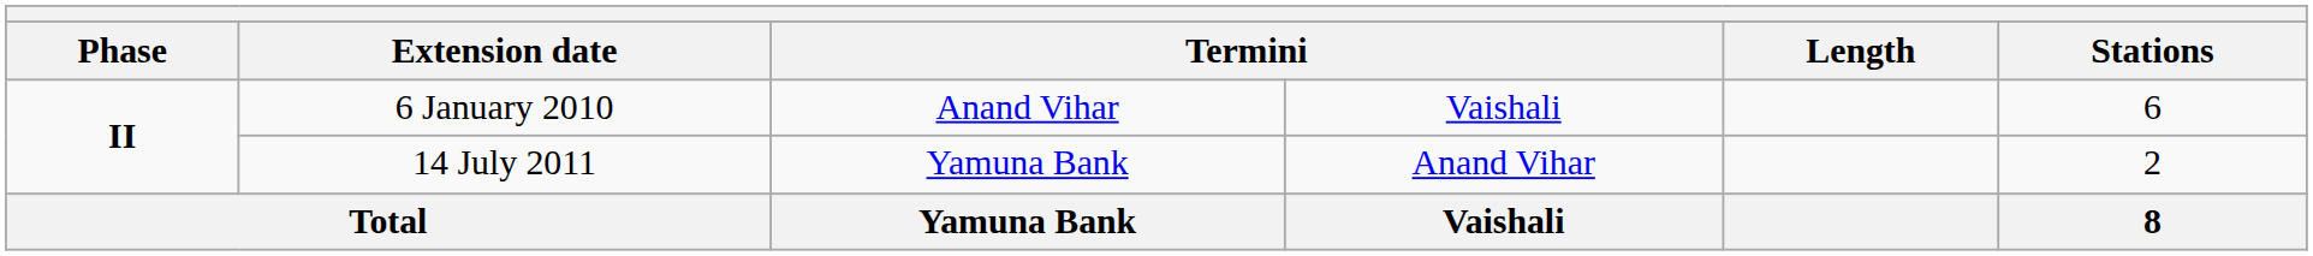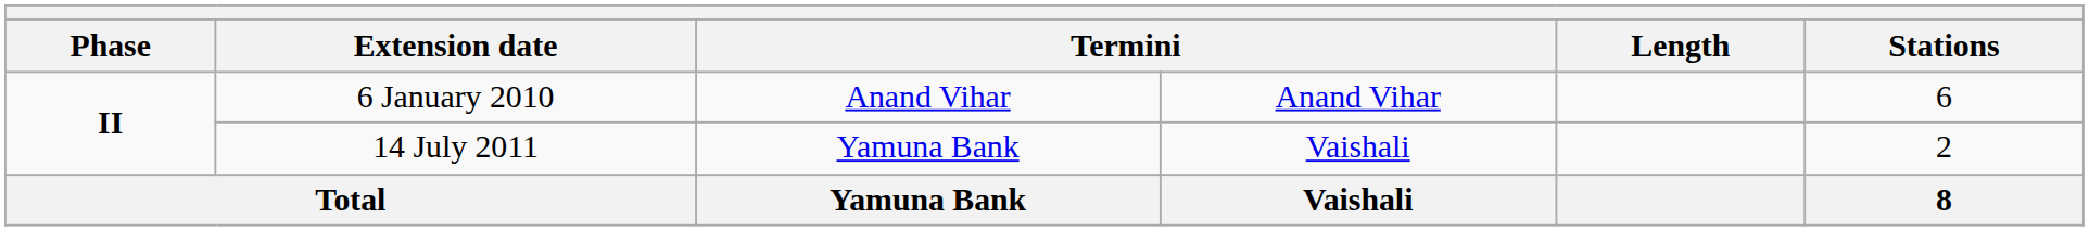 <table class="wikitable" style="text-align: center;" width="65%">
 <tr>
 <th colspan="6" ! style="background:#"></th>
 </tr>
 <tr>
 <th>Phase</th>
 <th>Extension date</th>
 <th colspan="2">Termini</th>
 <th>Length</th>
 <th>Stations</th>
 </tr>
 <tr>
 <td rowspan="2"><strong>II</strong></td>
 <td>6 January 2010</td>
 <td><a href='#'>Anand Vihar</a></td>
-<td><a href='#'>Vaishali</a></td>
+<td><a href='#'>Anand Vihar</a></td>
 <td></td>
 <td>6</td>
 </tr>
 <tr>
 <td>14 July 2011</td>
 <td><a href='#'>Yamuna Bank</a></td>
-<td><a href='#'>Anand Vihar</a></td>
+<td><a href='#'>Vaishali</a></td>
 <td></td>
 <td>2</td>
 </tr>
 <tr>
 <th colspan="2">Total</th>
 <th>Yamuna Bank</th>
 <th>Vaishali</th>
 <th></th>
 <th>8</th>
 </tr>
 </table>
